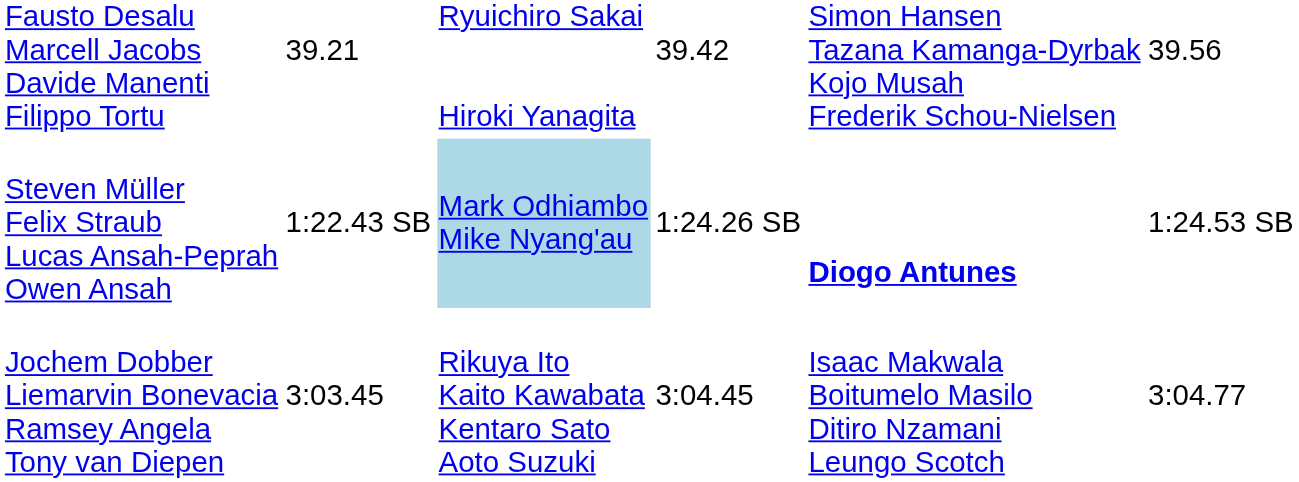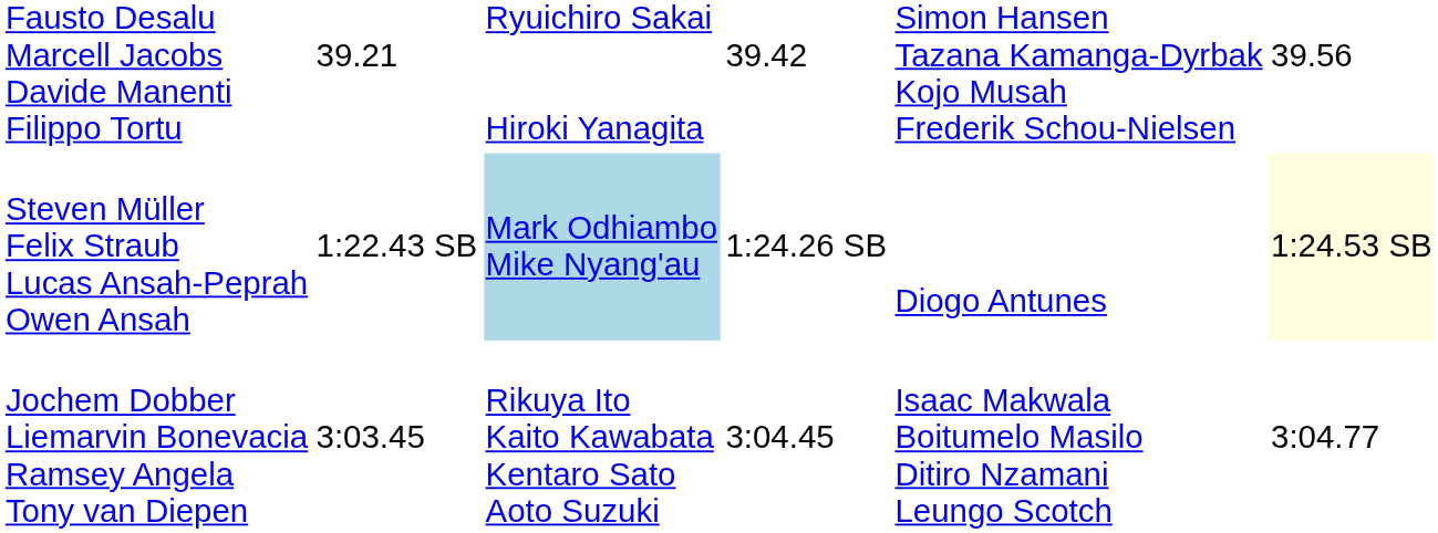 <table>
 <tr>
 <td></td>
 <td><br><a href='#'>Fausto Desalu</a><br><a href='#'>Marcell Jacobs</a><br><a href='#'>Davide Manenti</a><br><a href='#'>Filippo Tortu</a></td>
 <td>39.21</td>
 <td><br><a href='#'>Ryuichiro Sakai</a><br><br><br><a href='#'>Hiroki Yanagita</a></td>
 <td>39.42</td>
 <td><br><a href='#'>Simon Hansen</a><br><a href='#'>Tazana Kamanga-Dyrbak</a><br><a href='#'>Kojo Musah</a><br><a href='#'>Frederik Schou-Nielsen</a></td>
 <td>39.56</td>
 </tr>
 <tr>
 <td></td>
 <td><br><a href='#'>Steven Müller</a><br><a href='#'>Felix Straub</a><br><a href='#'>Lucas Ansah-Peprah</a> <br><a href='#'>Owen Ansah</a></td>
 <td>1:22.43 SB</td>
 <td style="background: lightblue;"><br><a href='#'>Mark Odhiambo</a><br><a href='#'>Mike Nyang'au</a><br><br></td>
 <td>1:24.26 SB</td>
-<td><strong><br><br><br><a href='#'>Diogo Antunes</a><br></strong></td>
-<td>1:24.53 SB</td>
+<td><br><br><br><a href='#'>Diogo Antunes</a><br></td>
+<td style="background: lightyellow;">1:24.53 SB</td>
 </tr>
 <tr>
 <td></td>
 <td><br><a href='#'>Jochem Dobber</a><br><a href='#'>Liemarvin Bonevacia</a><br><a href='#'>Ramsey Angela</a><br><a href='#'>Tony van Diepen</a></td>
 <td>3:03.45</td>
 <td><br><a href='#'>Rikuya Ito</a><br><a href='#'>Kaito Kawabata</a><br><a href='#'>Kentaro Sato</a><br><a href='#'>Aoto Suzuki</a></td>
 <td>3:04.45</td>
 <td><br><a href='#'>Isaac Makwala</a><br><a href='#'>Boitumelo Masilo</a><br><a href='#'>Ditiro Nzamani</a><br><a href='#'>Leungo Scotch</a></td>
 <td>3:04.77</td>
 </tr>
 </table>
